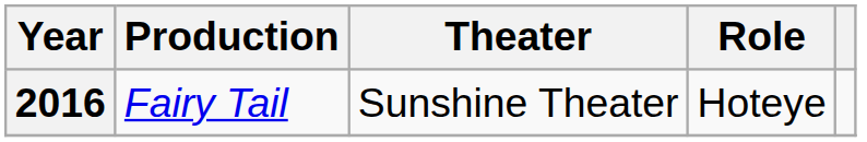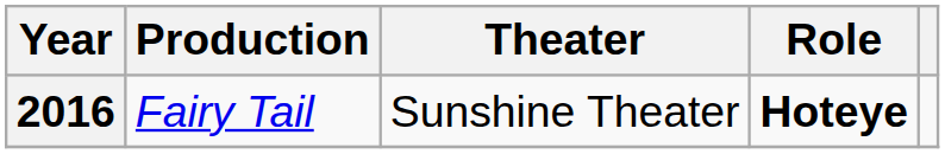 <table class="wikitable plainrowheaders sortable">
 <tr>
 <th>Year</th>
 <th>Production</th>
 <th>Theater</th>
 <th>Role</th>
 <th class="unsortable"></th>
 </tr>
 <tr>
 <th scope="row">2016</th>
 <td><em><a href='#'>Fairy Tail</a></em></td>
 <td>Sunshine Theater</td>
-<td>Hoteye</td>
+<td><strong>Hoteye</strong></td>
 <td style="text-align:center;"></td>
 </tr>
 <tr>
 </tr>
 </table>
